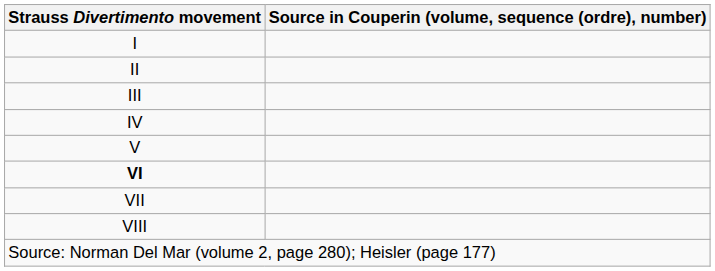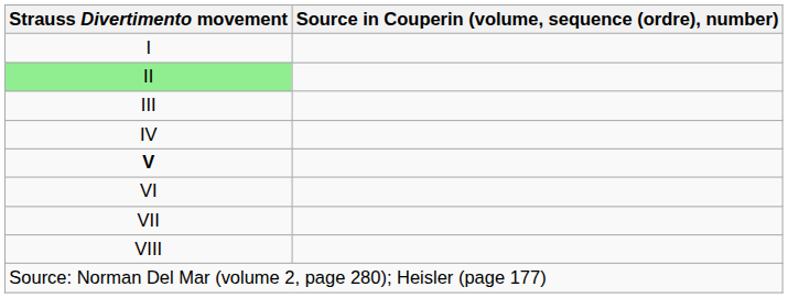 <table class="wikitable">
 <tr>
 <th>Strauss <em>Divertimento</em> movement</th>
 <th>Source in Couperin (volume, sequence (ordre), number)</th>
 </tr>
 <tr>
 <td align=center>I</td>
 <td></td>
 </tr>
 <tr>
-<td align=center>II</td>
+<td align=center style="background: lightgreen;">II</td>
 <td></td>
 </tr>
 <tr>
 <td align=center>III</td>
 <td></td>
 </tr>
 <tr>
 <td align=center>IV</td>
 <td></td>
 </tr>
 <tr>
-<td align=center>V</td>
+<td align=center><strong>V</strong></td>
 <td></td>
 </tr>
 <tr>
-<td align=center><strong>VI</strong></td>
+<td align=center>VI</td>
 <td></td>
 </tr>
 <tr>
 <td align=center>VII</td>
 <td></td>
 </tr>
 <tr>
 <td align=center>VIII</td>
 <td></td>
 </tr>
 <tr>
 <td colspan="3">Source: Norman Del Mar (volume 2, page 280); Heisler (page 177)</td>
 </tr>
 </table>
